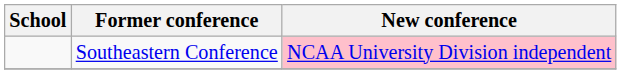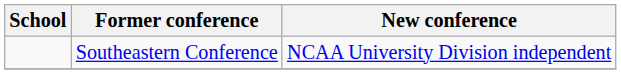 <table class="wikitable sortable">
 <tr>
 <th>School</th>
 <th>Former conference</th>
 <th>New conference</th>
 </tr>
 <tr>
 <td></td>
 <td><a href='#'>Southeastern Conference</a></td>
-<td style="background: pink;"><a href='#'>NCAA University Division independent</a></td>
+<td><a href='#'>NCAA University Division independent</a></td>
 </tr>
 <tr>
 </tr>
 </table>
